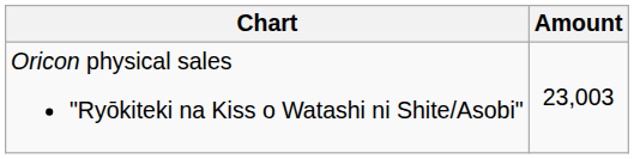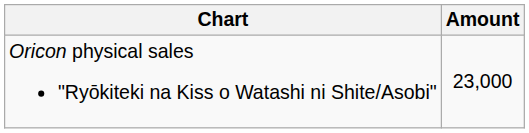 <table class="wikitable">
 <tr>
 <th>Chart</th>
 <th>Amount</th>
 </tr>
 <tr>
 <td><em>Oricon</em> physical sales<br><ul><li>"Ryōkiteki na Kiss o Watashi ni Shite/Asobi"</li></ul></td>
-<td align="center">23,003</td>
+<td align="center">23,000</td>
 </tr>
 </table>
